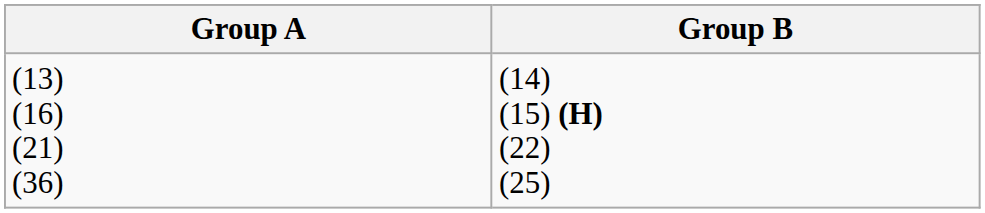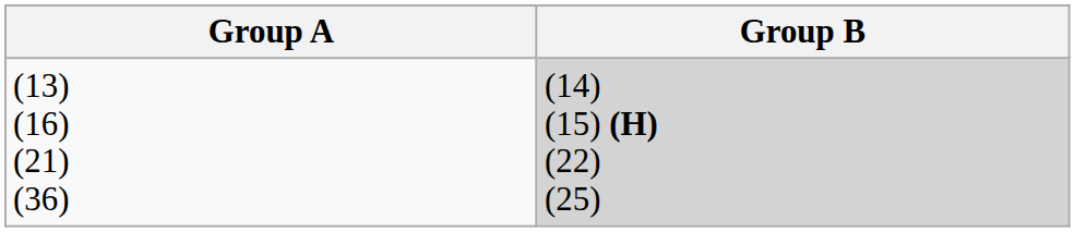 <table class="wikitable" style="width:40%;">
 <tr>
 <th width=50%>Group A</th>
 <th width=50%>Group B</th>
 </tr>
 <tr>
 <td valign=top> (13)<br> (16)<br> (21)<br> (36)</td>
-<td valign=top> (14)<br> (15) <strong>(H)</strong><br> (22)<br> (25)</td>
+<td valign=top style="background: lightgrey;"> (14)<br> (15) <strong>(H)</strong><br> (22)<br> (25)</td>
 </tr>
 </table>
